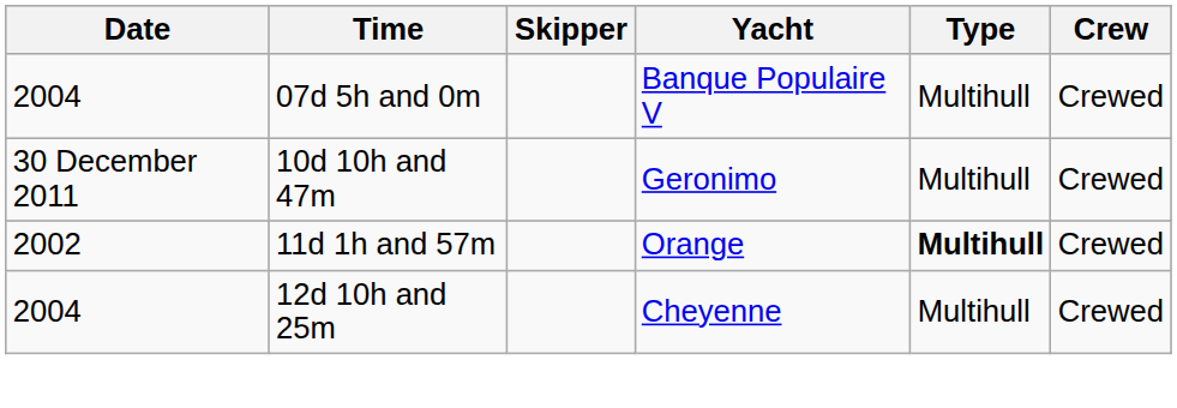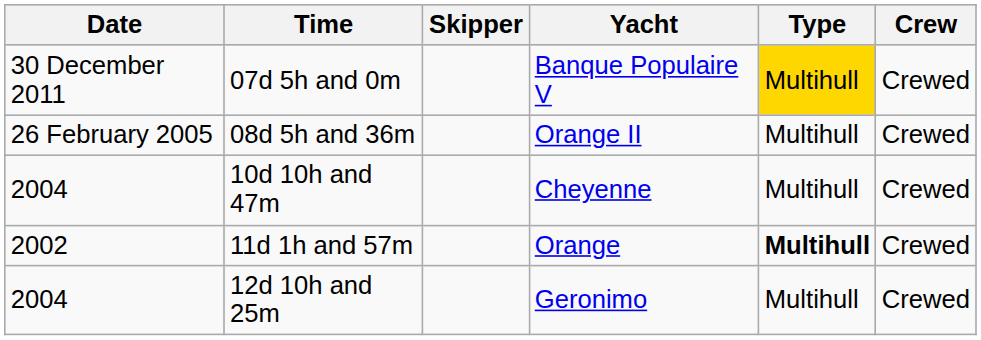 <table class="wikitable s ">
 <tr>
 <th>Date</th>
 <th>Time</th>
 <th>Skipper</th>
 <th>Yacht</th>
 <th>Type</th>
 <th>Crew</th>
 </tr>
 <tr>
-<td>2004</td>
+<td>30 December 2011</td>
 <td>07d 5h and 0m </td>
 <td></td>
 <td><a href='#'>Banque Populaire V</a></td>
+<td style="background: gold;">Multihull</td>
+<td>Crewed</td>
+</tr>
+<tr>
+<td>26 February 2005</td>
+<td>08d 5h and 36m </td>
+<td></td>
+<td><a href='#'>Orange II</a></td>
 <td>Multihull</td>
 <td>Crewed</td>
 </tr>
 <tr>
-<td>30 December 2011</td>
+<td>2004</td>
 <td>10d 10h and 47m </td>
 <td></td>
-<td><a href='#'>Geronimo</a></td>
+<td><a href='#'>Cheyenne</a></td>
 <td>Multihull</td>
 <td>Crewed</td>
 </tr>
 <tr>
 <td>2002</td>
 <td>11d 1h and 57m </td>
 <td></td>
 <td><a href='#'>Orange</a></td>
 <td><strong>Multihull</strong></td>
 <td>Crewed</td>
 </tr>
 <tr>
 <td>2004</td>
 <td>12d 10h and 25m </td>
 <td></td>
-<td><a href='#'>Cheyenne</a></td>
+<td><a href='#'>Geronimo</a></td>
 <td>Multihull</td>
 <td>Crewed</td>
 </tr>
 </table>
